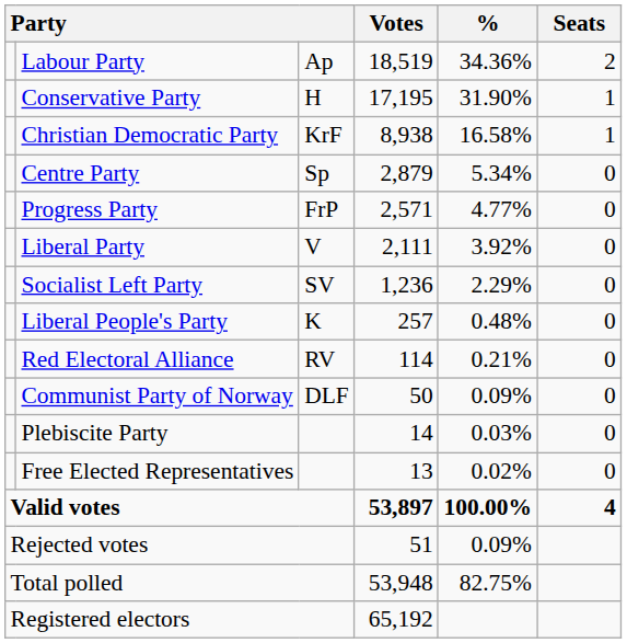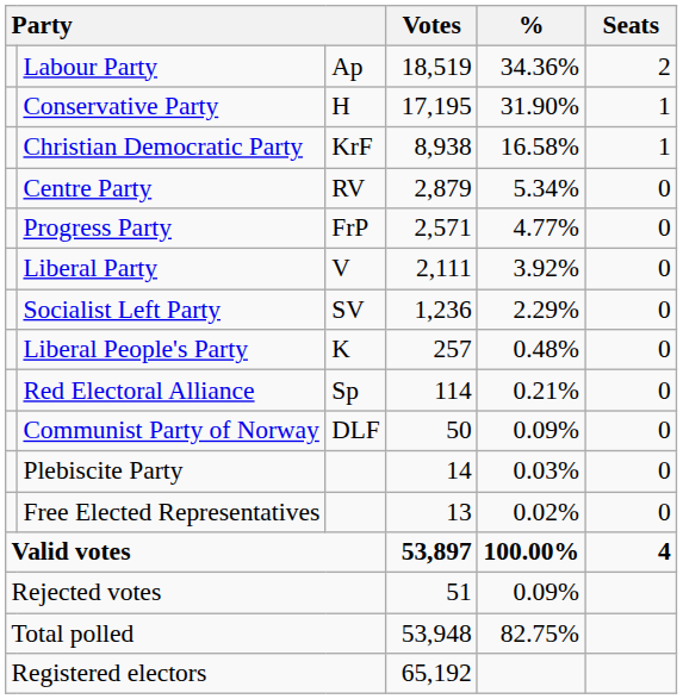 <table class="wikitable" border="1" style="text-align:right;">
 <tr>
 <th style="text-align:left;" colspan=3>Party</th>
 <th align=center width="50">Votes</th>
 <th align=center width="50">%</th>
 <th align=center width="50">Seats</th>
 </tr>
 <tr>
 <td style="color:inherit;background:"></td>
 <td align=left><a href='#'>Labour Party</a></td>
 <td align=left>Ap</td>
 <td>18,519</td>
 <td>34.36%</td>
 <td>2</td>
 </tr>
 <tr>
 <td style="color:inherit;background:"></td>
 <td align=left><a href='#'>Conservative Party</a></td>
 <td align=left>H</td>
 <td>17,195</td>
 <td>31.90%</td>
 <td>1</td>
 </tr>
 <tr>
 <td style="color:inherit;background:"></td>
 <td align=left><a href='#'>Christian Democratic Party</a></td>
 <td align=left>KrF</td>
 <td>8,938</td>
 <td>16.58%</td>
 <td>1</td>
 </tr>
 <tr>
 <td style="color:inherit;background:"></td>
 <td align=left><a href='#'>Centre Party</a></td>
-<td align=left>Sp</td>
+<td align=left>RV</td>
 <td>2,879</td>
 <td>5.34%</td>
 <td>0</td>
 </tr>
 <tr>
 <td style="color:inherit;background:"></td>
 <td align=left><a href='#'>Progress Party</a></td>
 <td align=left>FrP</td>
 <td>2,571</td>
 <td>4.77%</td>
 <td>0</td>
 </tr>
 <tr>
 <td style="color:inherit;background:"></td>
 <td align=left><a href='#'>Liberal Party</a></td>
 <td align=left>V</td>
 <td>2,111</td>
 <td>3.92%</td>
 <td>0</td>
 </tr>
 <tr>
 <td style="color:inherit;background:"></td>
 <td align=left><a href='#'>Socialist Left Party</a></td>
 <td align=left>SV</td>
 <td>1,236</td>
 <td>2.29%</td>
 <td>0</td>
 </tr>
 <tr>
 <td style="color:inherit;background:"></td>
 <td align=left><a href='#'>Liberal People's Party</a></td>
 <td align=left>K</td>
 <td>257</td>
 <td>0.48%</td>
 <td>0</td>
 </tr>
 <tr>
 <td style="color:inherit;background:"></td>
 <td align=left><a href='#'>Red Electoral Alliance</a></td>
-<td align=left>RV</td>
+<td align=left>Sp</td>
 <td>114</td>
 <td>0.21%</td>
 <td>0</td>
 </tr>
 <tr>
 <td style="color:inherit;background:"></td>
 <td align=left><a href='#'>Communist Party of Norway</a></td>
 <td align=left>DLF</td>
 <td>50</td>
 <td>0.09%</td>
 <td>0</td>
 </tr>
 <tr>
 <td></td>
 <td align=left>Plebiscite Party</td>
 <td align=left></td>
 <td>14</td>
 <td>0.03%</td>
 <td>0</td>
 </tr>
 <tr>
 <td></td>
 <td align=left>Free Elected Representatives</td>
 <td align=left></td>
 <td>13</td>
 <td>0.02%</td>
 <td>0</td>
 </tr>
 <tr style="font-weight:bold">
 <td align=left colspan=3>Valid votes</td>
 <td>53,897</td>
 <td>100.00%</td>
 <td>4</td>
 </tr>
 <tr>
 <td align=left colspan=3>Rejected votes</td>
 <td>51</td>
 <td>0.09%</td>
 <td></td>
 </tr>
 <tr>
 <td align=left colspan=3>Total polled</td>
 <td>53,948</td>
 <td>82.75%</td>
 <td></td>
 </tr>
 <tr>
 <td align=left colspan=3>Registered electors</td>
 <td>65,192</td>
 <td></td>
 <td></td>
 </tr>
 </table>
